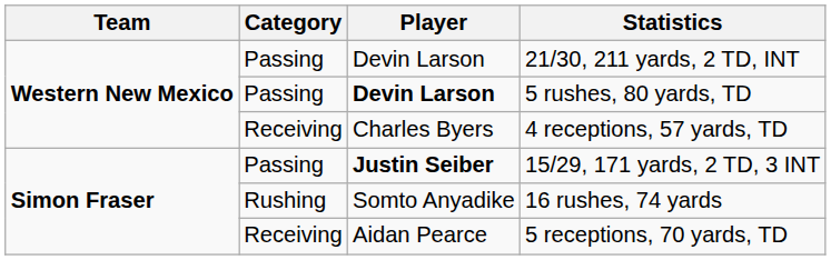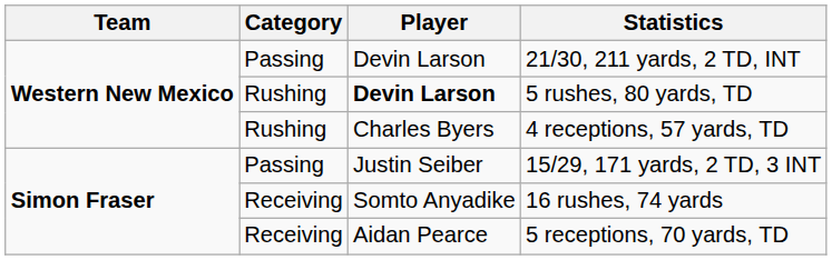 <table class="wikitable" style="float: right;">
 <tr>
 <th>Team</th>
 <th>Category</th>
 <th>Player</th>
 <th>Statistics</th>
 </tr>
 <tr>
 <td rowspan=3><strong>Western New Mexico</strong></td>
 <td>Passing</td>
 <td>Devin Larson</td>
 <td>21/30, 211 yards, 2 TD, INT</td>
 </tr>
 <tr>
-<td>Passing</td>
+<td>Rushing</td>
 <td><strong>Devin Larson</strong></td>
 <td>5 rushes, 80 yards, TD</td>
 </tr>
 <tr>
-<td>Receiving</td>
+<td>Rushing</td>
 <td>Charles Byers</td>
 <td>4 receptions, 57 yards, TD</td>
 </tr>
 <tr>
 <td rowspan=3><strong>Simon Fraser</strong></td>
 <td>Passing</td>
-<td><strong>Justin Seiber</strong></td>
+<td>Justin Seiber</td>
 <td>15/29, 171 yards, 2 TD, 3 INT</td>
 </tr>
 <tr>
-<td>Rushing</td>
+<td>Receiving</td>
 <td>Somto Anyadike</td>
 <td>16 rushes, 74 yards</td>
 </tr>
 <tr>
 <td>Receiving</td>
 <td>Aidan Pearce</td>
 <td>5 receptions, 70 yards, TD</td>
 </tr>
 </table>
